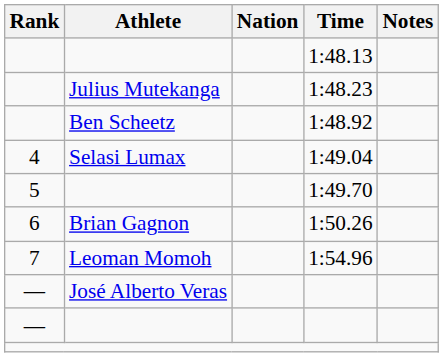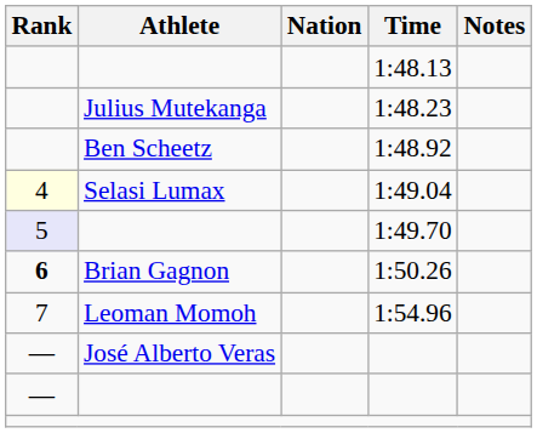 <table class="wikitable mw-datatable sortable" style="text-align:center;">
 <tr>
 <th>Rank</th>
 <th>Athlete</th>
 <th>Nation</th>
 <th>Time</th>
 <th>Notes</th>
 </tr>
 <tr>
 <td></td>
 <td align=left><a href='#'></a></td>
 <td align=left></td>
 <td>1:48.13</td>
 <td></td>
 </tr>
 <tr>
 <td></td>
 <td align=left><a href='#'>Julius Mutekanga</a></td>
 <td align=left></td>
 <td>1:48.23</td>
 <td></td>
 </tr>
 <tr>
 <td></td>
 <td align=left><a href='#'>Ben Scheetz</a></td>
 <td align=left></td>
 <td>1:48.92</td>
 <td></td>
 </tr>
 <tr>
-<td>4</td>
+<td style="background: lightyellow;">4</td>
 <td align=left><a href='#'>Selasi Lumax</a></td>
 <td align=left></td>
 <td>1:49.04</td>
 <td></td>
 </tr>
 <tr>
-<td>5</td>
+<td style="background: lavender;">5</td>
 <td align=left><a href='#'></a></td>
 <td align=left></td>
 <td>1:49.70</td>
 <td></td>
 </tr>
 <tr>
-<td>6</td>
+<td><strong>6</strong></td>
 <td align=left><a href='#'>Brian Gagnon</a></td>
 <td align=left></td>
 <td>1:50.26</td>
 <td></td>
 </tr>
 <tr>
 <td>7</td>
 <td align=left><a href='#'>Leoman Momoh</a></td>
 <td align=left></td>
 <td>1:54.96</td>
 <td></td>
 </tr>
 <tr>
 <td>—</td>
 <td align=left><a href='#'>José Alberto Veras</a></td>
 <td align=left></td>
 <td></td>
 <td></td>
 </tr>
 <tr>
 <td>—</td>
 <td align=left><a href='#'></a></td>
 <td align=left></td>
 <td></td>
 <td></td>
 </tr>
 <tr class="sortbottom">
 <td colspan=5></td>
 </tr>
 </table>
